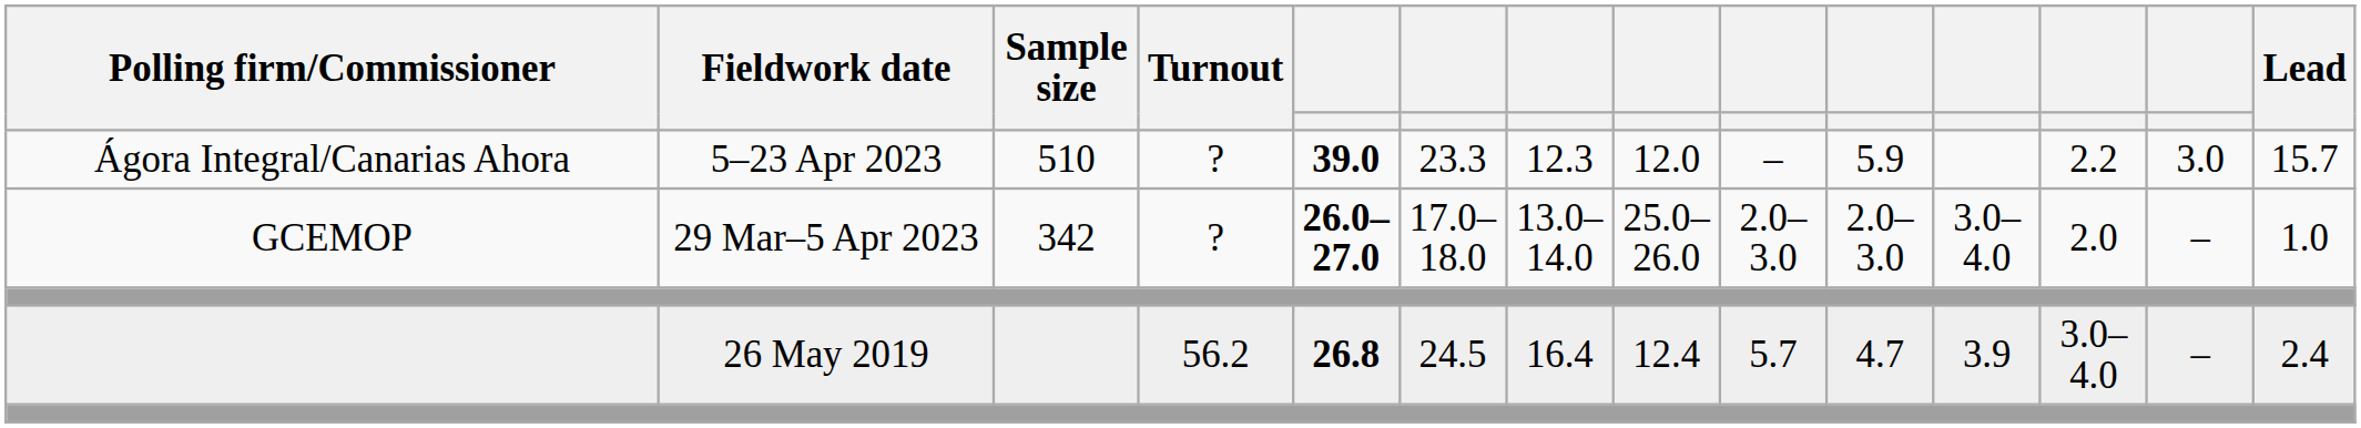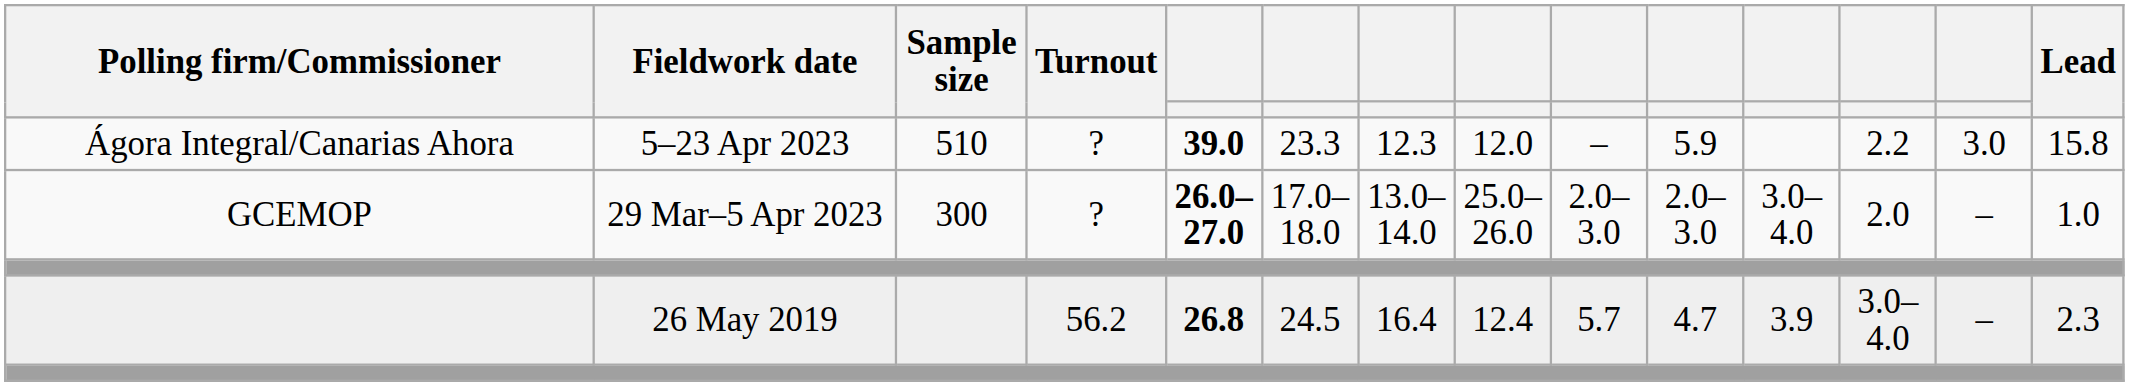 <table class="wikitable collapsible collapsed" style="text-align:center; font-size:95%; line-height:16px;">
 <tr style="height:42px;">
 <th style="width:250px;" rowspan="2">Polling firm/Commissioner</th>
 <th style="width:125px;" rowspan="2">Fieldwork date</th>
 <th style="width:50px;" rowspan="2">Sample size</th>
 <th style="width:45px;" rowspan="2">Turnout</th>
 <th style="width:35px;"></th>
 <th style="width:35px;"></th>
 <th style="width:35px;"></th>
 <th style="width:35px;"></th>
 <th style="width:35px;"></th>
 <th style="width:35px;"></th>
 <th style="width:35px;"></th>
 <th style="width:35px;"></th>
 <th style="width:35px;"></th>
 <th style="width:30px;" rowspan="2">Lead</th>
 </tr>
 <tr>
 <th style="color:inherit;background:"></th>
 <th style="color:inherit;background:"></th>
 <th style="color:inherit;background:"></th>
 <th style="color:inherit;background:"></th>
 <th style="color:inherit;background:"></th>
 <th style="color:inherit;background:"></th>
 <th style="color:inherit;background:"></th>
 <th style="color:inherit;background:"></th>
 <th style="color:inherit;background:"></th>
 </tr>
 <tr>
 <td>Ágora Integral/Canarias Ahora</td>
 <td>5–23 Apr 2023</td>
 <td>510</td>
 <td>?</td>
 <td><strong>39.0</strong><br></td>
 <td>23.3<br></td>
 <td>12.3<br></td>
 <td>12.0<br></td>
 <td>–</td>
 <td>5.9<br></td>
 <td></td>
 <td>2.2<br></td>
 <td>3.0<br></td>
-<td style="background:">15.7</td>
+<td style="background:">15.8</td>
 </tr>
 <tr>
 <td>GCEMOP</td>
 <td>29 Mar–5 Apr 2023</td>
-<td>342</td>
+<td>300</td>
 <td>?</td>
 <td><strong>26.0–<br>27.0</strong><br></td>
 <td>17.0–<br>18.0<br></td>
 <td>13.0–<br>14.0<br></td>
 <td>25.0–<br>26.0<br></td>
 <td>2.0–<br>3.0<br></td>
 <td>2.0–<br>3.0<br></td>
 <td>3.0–<br>4.0<br></td>
 <td>2.0<br></td>
 <td>–</td>
 <td style="background:">1.0</td>
 </tr>
 <tr>
 <td colspan="14" style="background:#A0A0A0"></td>
 </tr>
 <tr style="background:#EFEFEF;">
 <td><strong></strong></td>
 <td>26 May 2019</td>
 <td></td>
 <td>56.2</td>
 <td><strong>26.8</strong><br></td>
 <td>24.5<br></td>
 <td>16.4<br></td>
 <td>12.4<br></td>
 <td>5.7<br></td>
 <td>4.7<br></td>
 <td>3.9<br></td>
 <td>3.0–<br>4.0<br></td>
 <td>–</td>
-<td style="background:">2.4</td>
+<td style="background:">2.3</td>
 </tr>
 <tr>
 <td colspan="14" style="background:#A0A0A0"></td>
 </tr>
 </table>
